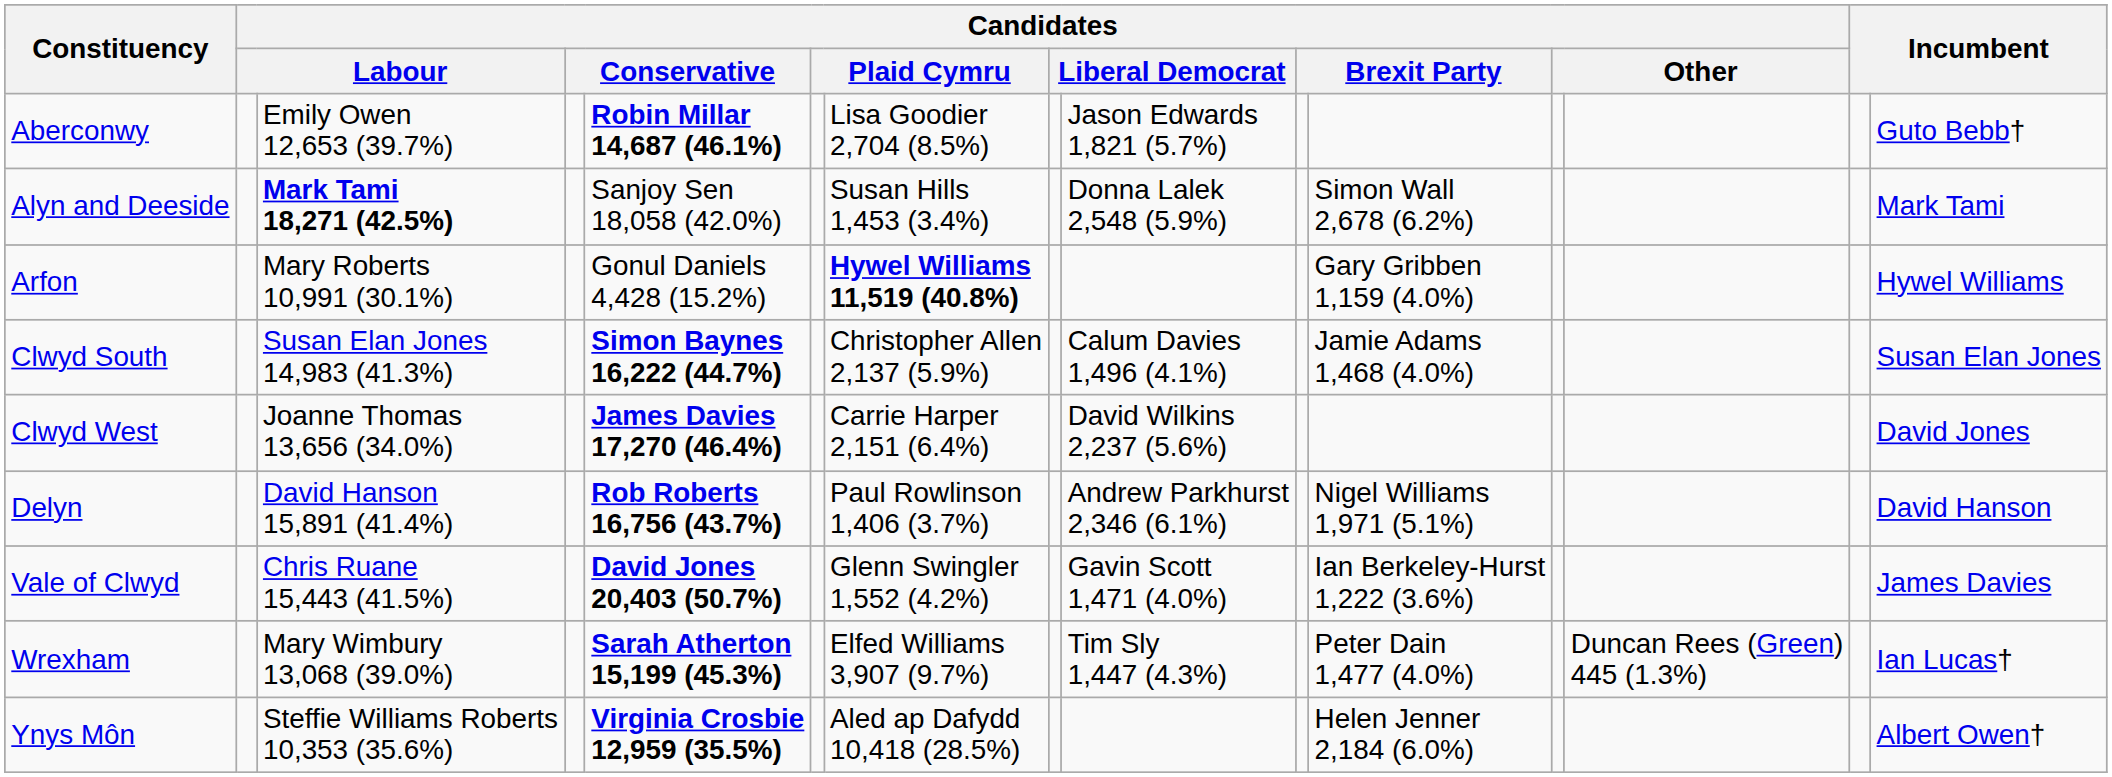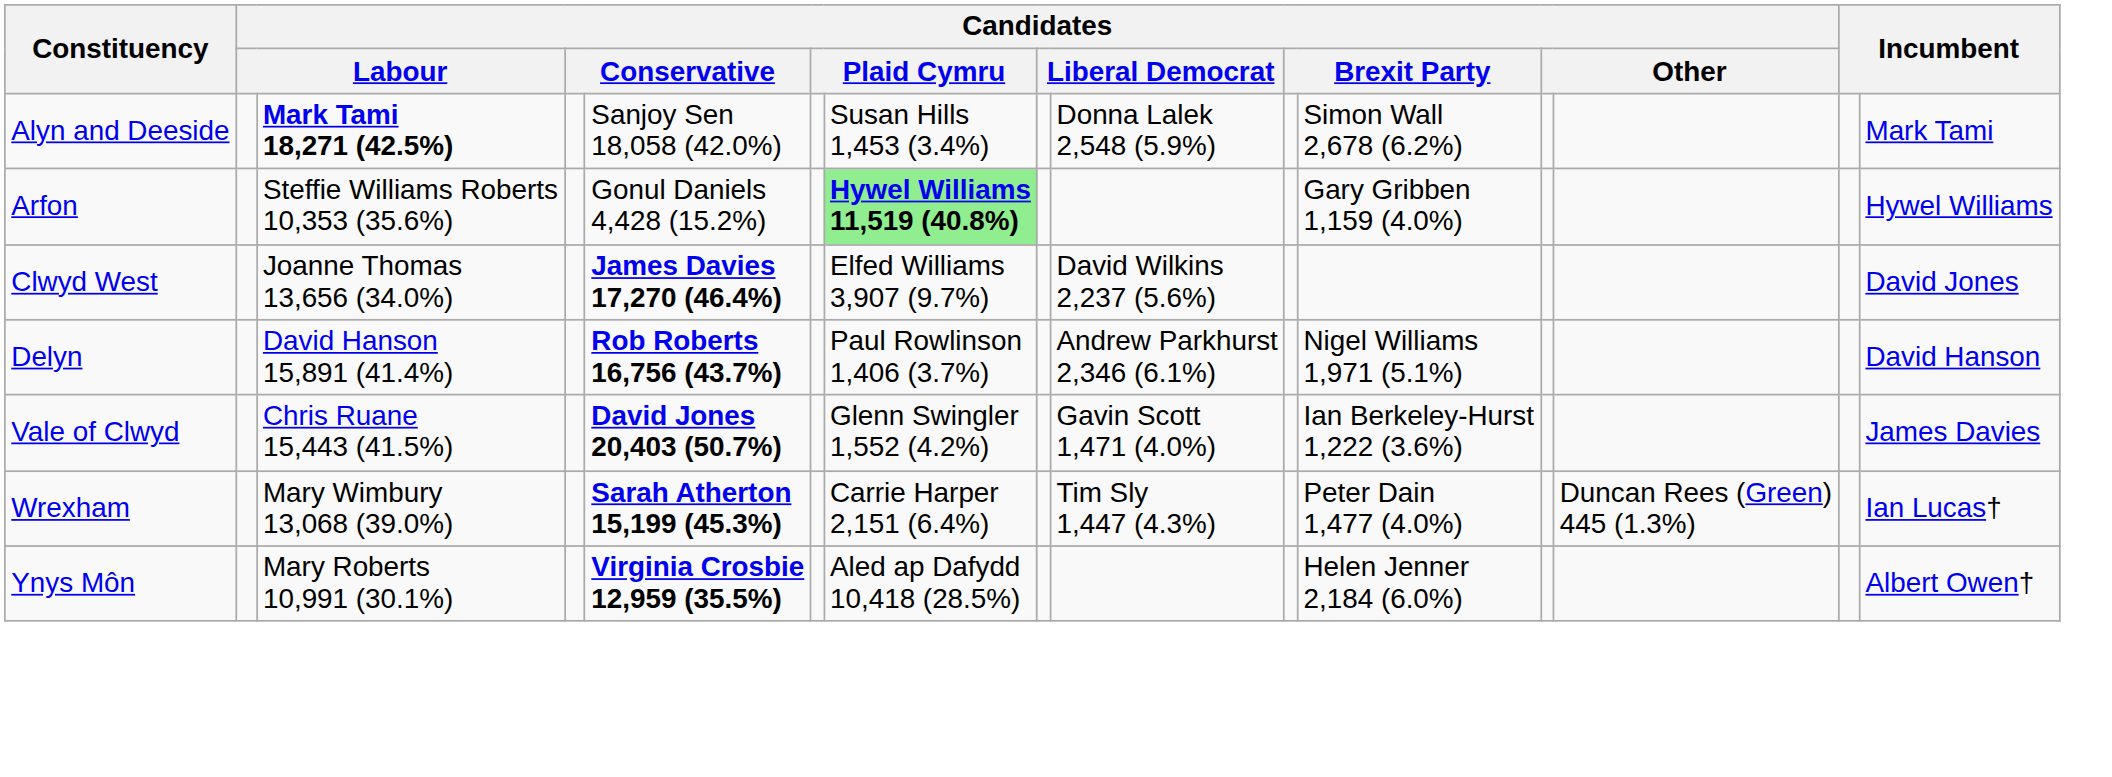 <table class="wikitable">
 <tr>
 <th rowspan="2">Constituency</th>
 <th colspan="12">Candidates</th>
 <th colspan="2" rowspan="2">Incumbent</th>
 </tr>
 <tr>
 <th colspan="2"><a href='#'>Labour</a></th>
 <th colspan="2"><a href='#'>Conservative</a></th>
 <th colspan="2"><a href='#'>Plaid Cymru</a></th>
 <th colspan="2"><a href='#'>Liberal Democrat</a></th>
 <th colspan="2"><a href='#'>Brexit Party</a></th>
 <th colspan="2">Other</th>
-</tr>
-<tr>
-<td><a href='#'>Aberconwy</a></td>
-<td></td>
-<td>Emily Owen<br>12,653 (39.7%)</td>
-<td style="color:inherit;background:"> </td>
-<td><strong><a href='#'>Robin Millar</a></strong><br><strong>14,687 (46.1%)</strong></td>
-<td></td>
-<td>Lisa Goodier<br>2,704 (8.5%)</td>
-<td></td>
-<td>Jason Edwards<br>1,821 (5.7%)</td>
-<td></td>
-<td></td>
-<td></td>
-<td></td>
-<td style="color:inherit;background:"> </td>
-<td><a href='#'>Guto Bebb</a>†</td>
 </tr>
 <tr>
 <td><a href='#'>Alyn and Deeside</a></td>
 <td style="color:inherit;background:"> </td>
 <td><strong><a href='#'>Mark Tami</a></strong><br><strong>18,271 (42.5%)</strong></td>
 <td></td>
 <td>Sanjoy Sen<br>18,058 (42.0%)</td>
 <td></td>
 <td>Susan Hills<br>1,453 (3.4%)</td>
 <td></td>
 <td>Donna Lalek<br>2,548 (5.9%)</td>
 <td></td>
 <td>Simon Wall<br>2,678 (6.2%)</td>
 <td></td>
 <td></td>
 <td style="color:inherit;background:"> </td>
 <td><a href='#'>Mark Tami</a></td>
 </tr>
 <tr>
 <td><a href='#'>Arfon</a></td>
 <td></td>
-<td>Mary Roberts<br>10,991 (30.1%)</td>
+<td>Steffie Williams Roberts<br>10,353 (35.6%)</td>
 <td></td>
 <td>Gonul Daniels<br>4,428 (15.2%)</td>
 <td style="color:inherit;background-color: "></td>
-<td><strong><a href='#'>Hywel Williams</a></strong><br><strong>11,519 (40.8%)</strong></td>
+<td style="background: lightgreen;"><strong><a href='#'>Hywel Williams</a></strong><br><strong>11,519 (40.8%)</strong></td>
 <td></td>
 <td></td>
 <td></td>
 <td>Gary Gribben<br>1,159 (4.0%)</td>
 <td></td>
 <td></td>
 <td style="color:inherit;background-color: "></td>
 <td><a href='#'>Hywel Williams</a></td>
 </tr>
 <tr>
-<td><a href='#'>Clwyd South</a></td>
-<td></td>
-<td><a href='#'>Susan Elan Jones</a><br>14,983 (41.3%)</td>
-<td style="color:inherit;background:"> </td>
-<td><strong><a href='#'>Simon Baynes</a></strong><br><strong>16,222 (44.7%)</strong></td>
-<td></td>
-<td>Christopher Allen<br>2,137 (5.9%)</td>
-<td></td>
-<td>Calum Davies<br>1,496 (4.1%)</td>
-<td></td>
-<td>Jamie Adams<br>1,468 (4.0%)</td>
-<td></td>
-<td></td>
-<td style="color:inherit;background:"> </td>
-<td><a href='#'>Susan Elan Jones</a></td>
-</tr>
-<tr>
 <td><a href='#'>Clwyd West</a></td>
 <td></td>
 <td>Joanne Thomas<br>13,656 (34.0%)</td>
 <td style="color:inherit;background:"> </td>
 <td><strong><a href='#'>James Davies</a></strong><br><strong>17,270 (46.4%)</strong></td>
 <td></td>
-<td>Carrie Harper<br>2,151 (6.4%)</td>
+<td>Elfed Williams<br>3,907 (9.7%)</td>
 <td></td>
 <td>David Wilkins<br>2,237 (5.6%)</td>
 <td></td>
 <td></td>
 <td></td>
 <td></td>
 <td style="color:inherit;background:"> </td>
 <td><a href='#'>David Jones</a></td>
 </tr>
 <tr>
 <td><a href='#'>Delyn</a></td>
 <td></td>
 <td><a href='#'>David Hanson</a><br>15,891 (41.4%)</td>
 <td style="color:inherit;background:"> </td>
 <td><strong><a href='#'>Rob Roberts</a></strong><br><strong>16,756 (43.7%)</strong></td>
 <td></td>
 <td>Paul Rowlinson<br>1,406 (3.7%)</td>
 <td></td>
 <td>Andrew Parkhurst<br>2,346 (6.1%)</td>
 <td></td>
 <td>Nigel Williams<br>1,971 (5.1%)</td>
 <td></td>
 <td></td>
 <td style="color:inherit;background:"> </td>
 <td><a href='#'>David Hanson</a></td>
 </tr>
 <tr>
 <td><a href='#'>Vale of Clwyd</a></td>
 <td></td>
 <td><a href='#'>Chris Ruane</a><br>15,443 (41.5%)</td>
 <td style="color:inherit;background:"> </td>
 <td><strong><a href='#'>David Jones</a></strong><br><strong>20,403 (50.7%)</strong></td>
 <td></td>
 <td>Glenn Swingler<br>1,552 (4.2%)</td>
 <td></td>
 <td>Gavin Scott<br>1,471 (4.0%)</td>
 <td></td>
 <td>Ian Berkeley-Hurst<br>1,222 (3.6%)</td>
 <td></td>
 <td></td>
 <td style="color:inherit;background:"> </td>
 <td><a href='#'>James Davies</a></td>
 </tr>
 <tr>
 <td><a href='#'>Wrexham</a></td>
 <td></td>
 <td>Mary Wimbury<br>13,068 (39.0%)</td>
 <td style="color:inherit;background:"> </td>
 <td><strong><a href='#'>Sarah Atherton</a></strong><br><strong>15,199 (45.3%)</strong></td>
 <td></td>
-<td>Elfed Williams<br>3,907 (9.7%)</td>
+<td>Carrie Harper<br>2,151 (6.4%)</td>
 <td></td>
 <td>Tim Sly<br>1,447 (4.3%)</td>
 <td></td>
 <td>Peter Dain<br>1,477 (4.0%)</td>
 <td></td>
 <td>Duncan Rees (<a href='#'>Green</a>)<br>445 (1.3%)</td>
 <td style="color:inherit;background:"> </td>
 <td><a href='#'>Ian Lucas</a>†</td>
 </tr>
 <tr>
 <td><a href='#'>Ynys Môn</a></td>
 <td></td>
-<td>Steffie Williams Roberts<br>10,353 (35.6%)</td>
+<td>Mary Roberts<br>10,991 (30.1%)</td>
 <td style="color:inherit;background:"> </td>
 <td><strong><a href='#'>Virginia Crosbie</a></strong><br><strong>12,959 (35.5%)</strong></td>
 <td></td>
 <td>Aled ap Dafydd<br>10,418 (28.5%)</td>
 <td></td>
 <td></td>
 <td></td>
 <td>Helen Jenner<br>2,184 (6.0%)</td>
 <td></td>
 <td></td>
 <td style="color:inherit;background:"> </td>
 <td><a href='#'>Albert Owen</a>†</td>
 </tr>
 </table>
